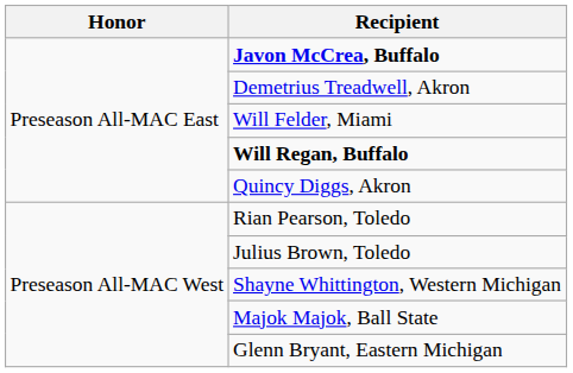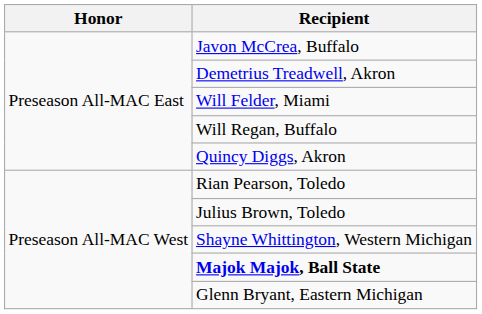 <table class="wikitable" border="1">
 <tr>
 <th>Honor</th>
 <th>Recipient</th>
 </tr>
 <tr>
 <td rowspan=5 valign=middle>Preseason All-MAC East</td>
-<td><strong><a href='#'>Javon McCrea</a>, Buffalo</strong></td>
+<td><a href='#'>Javon McCrea</a>, Buffalo</td>
 </tr>
 <tr>
 <td><a href='#'>Demetrius Treadwell</a>, Akron</td>
 </tr>
 <tr>
 <td><a href='#'>Will Felder</a>, Miami</td>
 </tr>
 <tr>
-<td><strong>Will Regan, Buffalo</strong></td>
+<td>Will Regan, Buffalo</td>
 </tr>
 <tr>
 <td><a href='#'>Quincy Diggs</a>, Akron</td>
 </tr>
 <tr>
 <td rowspan=5 valign=middle>Preseason All-MAC West</td>
 <td>Rian Pearson, Toledo</td>
 </tr>
 <tr>
 <td>Julius Brown, Toledo</td>
 </tr>
 <tr>
 <td><a href='#'>Shayne Whittington</a>, Western Michigan</td>
 </tr>
 <tr>
-<td><a href='#'>Majok Majok</a>, Ball State</td>
+<td><strong><a href='#'>Majok Majok</a>, Ball State</strong></td>
 </tr>
 <tr>
 <td>Glenn Bryant, Eastern Michigan</td>
 </tr>
 </table>
